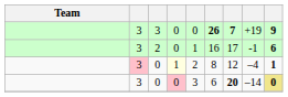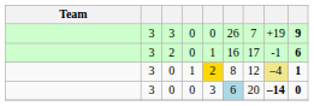 <table class="wikitable" style="text-align: center;">
 <tr>
 <th width="175">Team</th>
 <th width="20"></th>
 <th width="20"></th>
 <th width="20"></th>
 <th width="20"></th>
 <th width="20"></th>
 <th width="20"></th>
 <th width="20"></th>
 <th width="20"></th>
 </tr>
 <tr align=center bgcolor=#ccffcc>
 <td style="text-align:left;"></td>
 <td>3</td>
 <td>3</td>
 <td>0</td>
 <td>0</td>
-<td><strong>26</strong></td>
-<td><strong>7</strong></td>
+<td>26</td>
+<td>7</td>
 <td>+19</td>
 <td><strong>9</strong></td>
 </tr>
 <tr align=center bgcolor=#ccffcc>
 <td style="text-align:left;"></td>
 <td>3</td>
 <td>2</td>
 <td>0</td>
 <td>1</td>
 <td>16</td>
 <td>17</td>
 <td>-1</td>
 <td><strong>6</strong></td>
 </tr>
 <tr>
 <td style="text-align:left;"></td>
-<td style="background: pink;">3</td>
+<td>3</td>
 <td>0</td>
-<td style="background: lightyellow;">1</td>
-<td>2</td>
+<td>1</td>
+<td style="background: gold;">2</td>
 <td>8</td>
 <td>12</td>
-<td>–4</td>
+<td style="background: khaki;">–4</td>
 <td><strong>1</strong></td>
 </tr>
 <tr>
 <td style="text-align:left;"></td>
 <td>3</td>
 <td>0</td>
-<td style="background: pink;">0</td>
+<td>0</td>
 <td>3</td>
-<td>6</td>
-<td><strong>20</strong></td>
-<td>–14</td>
-<td style="background: khaki;"><strong>0</strong></td>
+<td style="background: lightblue;">6</td>
+<td>20</td>
+<td><strong>–14</strong></td>
+<td><strong>0</strong></td>
 </tr>
 <tr>
 </tr>
 </table>
